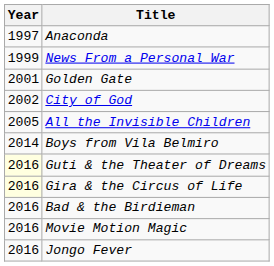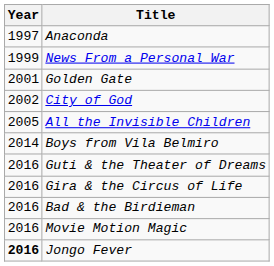 <table class="wikitable">
 <tr>
 <th rowspan="1">Year</th>
 <th rowspan="1">Title</th>
 </tr>
 <tr>
 <td>1997</td>
 <td><em>Anaconda</em></td>
 </tr>
 <tr>
 <td>1999</td>
 <td><em><a href='#'>News From a Personal War</a></em></td>
 </tr>
 <tr>
 <td>2001</td>
 <td><em>Golden Gate</em></td>
 </tr>
 <tr>
 <td>2002</td>
 <td><em><a href='#'>City of God</a></em></td>
 </tr>
 <tr>
 <td>2005</td>
 <td><em><a href='#'>All the Invisible Children</a></em></td>
 </tr>
 <tr>
 <td>2014</td>
 <td><em>Boys from Vila Belmiro</em></td>
 </tr>
 <tr>
-<td style="background: lightyellow;">2016</td>
+<td>2016</td>
 <td><em>Guti & the Theater of Dreams</em></td>
 </tr>
 <tr>
-<td style="background: lightyellow;">2016</td>
+<td>2016</td>
 <td><em>Gira & the Circus of Life</em></td>
 </tr>
 <tr>
 <td>2016</td>
 <td><em>Bad & the Birdieman</em></td>
 </tr>
 <tr>
 <td>2016</td>
 <td><em>Movie Motion Magic</em></td>
 </tr>
 <tr>
-<td>2016</td>
+<td><strong>2016</strong></td>
 <td><em>Jongo Fever</em></td>
 </tr>
 </table>
